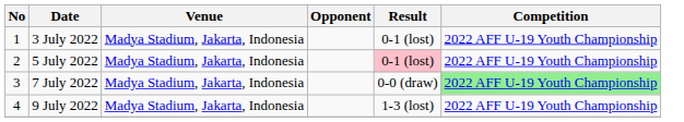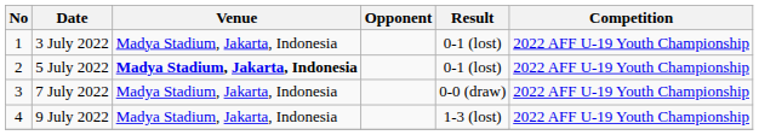 <table class="wikitable">
 <tr>
 <th>No</th>
 <th>Date</th>
 <th>Venue</th>
 <th>Opponent</th>
 <th>Result</th>
 <th>Competition</th>
 </tr>
 <tr>
 <td align=center>1</td>
 <td>3 July 2022</td>
 <td><a href='#'>Madya Stadium</a>, <a href='#'>Jakarta</a>, Indonesia</td>
 <td></td>
 <td align=center>0-1 (lost)</td>
 <td><a href='#'>2022 AFF U-19 Youth Championship</a></td>
 </tr>
 <tr>
 <td align=center>2</td>
 <td>5 July 2022</td>
-<td><a href='#'>Madya Stadium</a>, <a href='#'>Jakarta</a>, Indonesia</td>
+<td><strong><a href='#'>Madya Stadium</a>, <a href='#'>Jakarta</a>, Indonesia</strong></td>
 <td></td>
-<td align=center style="background: pink;">0-1 (lost)</td>
+<td align=center>0-1 (lost)</td>
 <td><a href='#'>2022 AFF U-19 Youth Championship</a></td>
 </tr>
 <tr>
 <td align=center>3</td>
 <td>7 July 2022</td>
 <td><a href='#'>Madya Stadium</a>, <a href='#'>Jakarta</a>, Indonesia</td>
 <td></td>
 <td align=center>0-0 (draw)</td>
-<td style="background: lightgreen;"><a href='#'>2022 AFF U-19 Youth Championship</a></td>
+<td><a href='#'>2022 AFF U-19 Youth Championship</a></td>
 </tr>
 <tr>
 <td align=center>4</td>
 <td>9 July 2022</td>
 <td><a href='#'>Madya Stadium</a>, <a href='#'>Jakarta</a>, Indonesia</td>
 <td></td>
 <td align=center>1-3 (lost)</td>
 <td><a href='#'>2022 AFF U-19 Youth Championship</a></td>
 </tr>
 <tr>
 </tr>
 </table>
